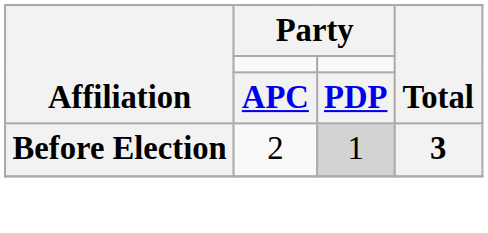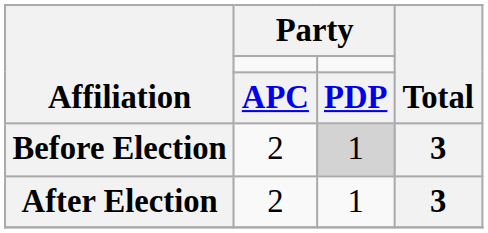 <table class=wikitable style="text-align:center">
 <tr style="vertical-align:bottom;">
 <th rowspan=3>Affiliation</th>
 <th colspan=2>Party</th>
 <th rowspan=3>Total</th>
 </tr>
 <tr>
 <td style="background-color:"></td>
 <td style="background-color:"></td>
 </tr>
 <tr>
 <th><a href='#'>APC</a></th>
 <th><a href='#'>PDP</a></th>
 </tr>
 <tr>
 <th>Before Election</th>
 <td>2</td>
 <td style="background: lightgrey;">1</td>
 <th>3</th>
 </tr>
 <tr>
+<th>After Election</th>
+<td>2</td>
+<td>1</td>
+<th>3</th>
+</tr>
+<tr>
 </tr>
 </table>
